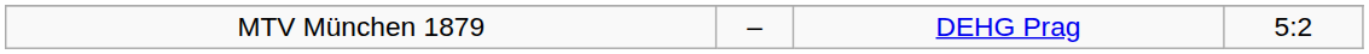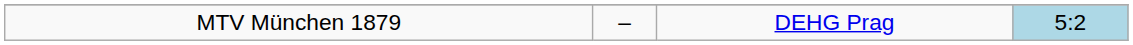 <table class="wikitable" width="50%">
 <tr class="hintergrundfarbe5">
 </tr>
 <tr align="center">
 <td>MTV München 1879</td>
 <td>–</td>
 <td><a href='#'>DEHG Prag</a></td>
-<td>5:2</td>
+<td style="background: lightblue;">5:2</td>
 </tr>
 </table>
